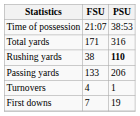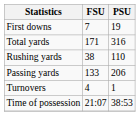 <table class="wikitable">
 <tr>
 <th>Statistics</th>
 <th>FSU</th>
 <th>PSU</th>
 </tr>
 <tr>
-<td>Time of possession</td>
-<td>21:07</td>
-<td>38:53</td>
+<td>First downs</td>
+<td>7</td>
+<td>19</td>
 </tr>
 <tr>
 <td>Total yards</td>
 <td>171</td>
 <td>316</td>
 </tr>
 <tr>
 <td>Rushing yards</td>
 <td>38</td>
-<td><strong>110</strong></td>
+<td>110</td>
 </tr>
 <tr>
 <td>Passing yards</td>
 <td>133</td>
 <td>206</td>
 </tr>
 <tr>
 <td>Turnovers</td>
 <td>4</td>
 <td>1</td>
 </tr>
 <tr>
-<td>First downs</td>
-<td>7</td>
-<td>19</td>
+<td>Time of possession</td>
+<td>21:07</td>
+<td>38:53</td>
 </tr>
 <tr>
 </tr>
 </table>
